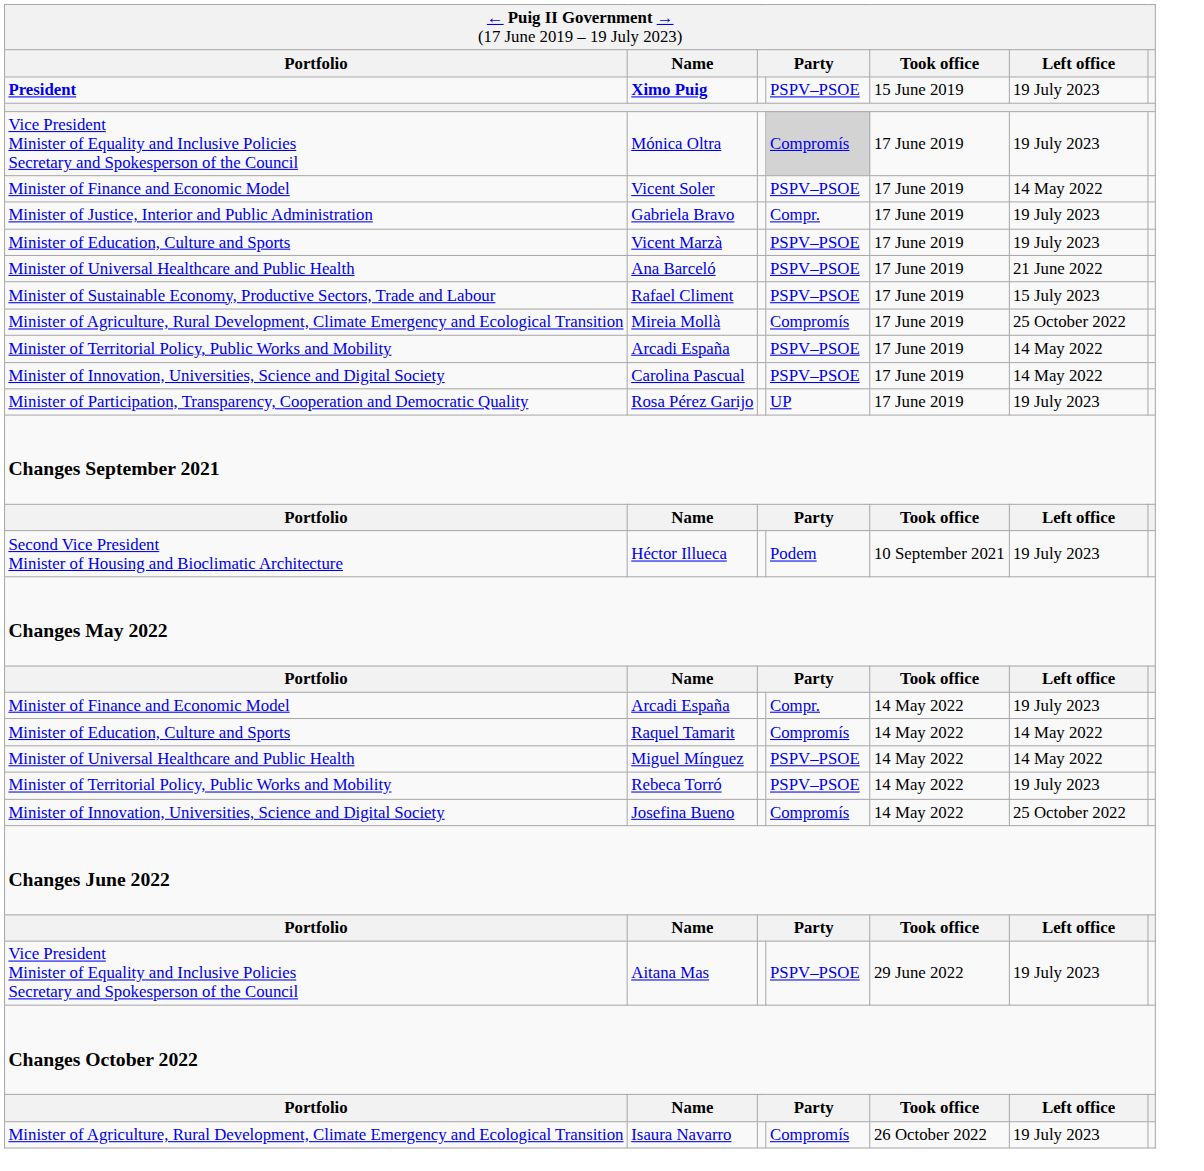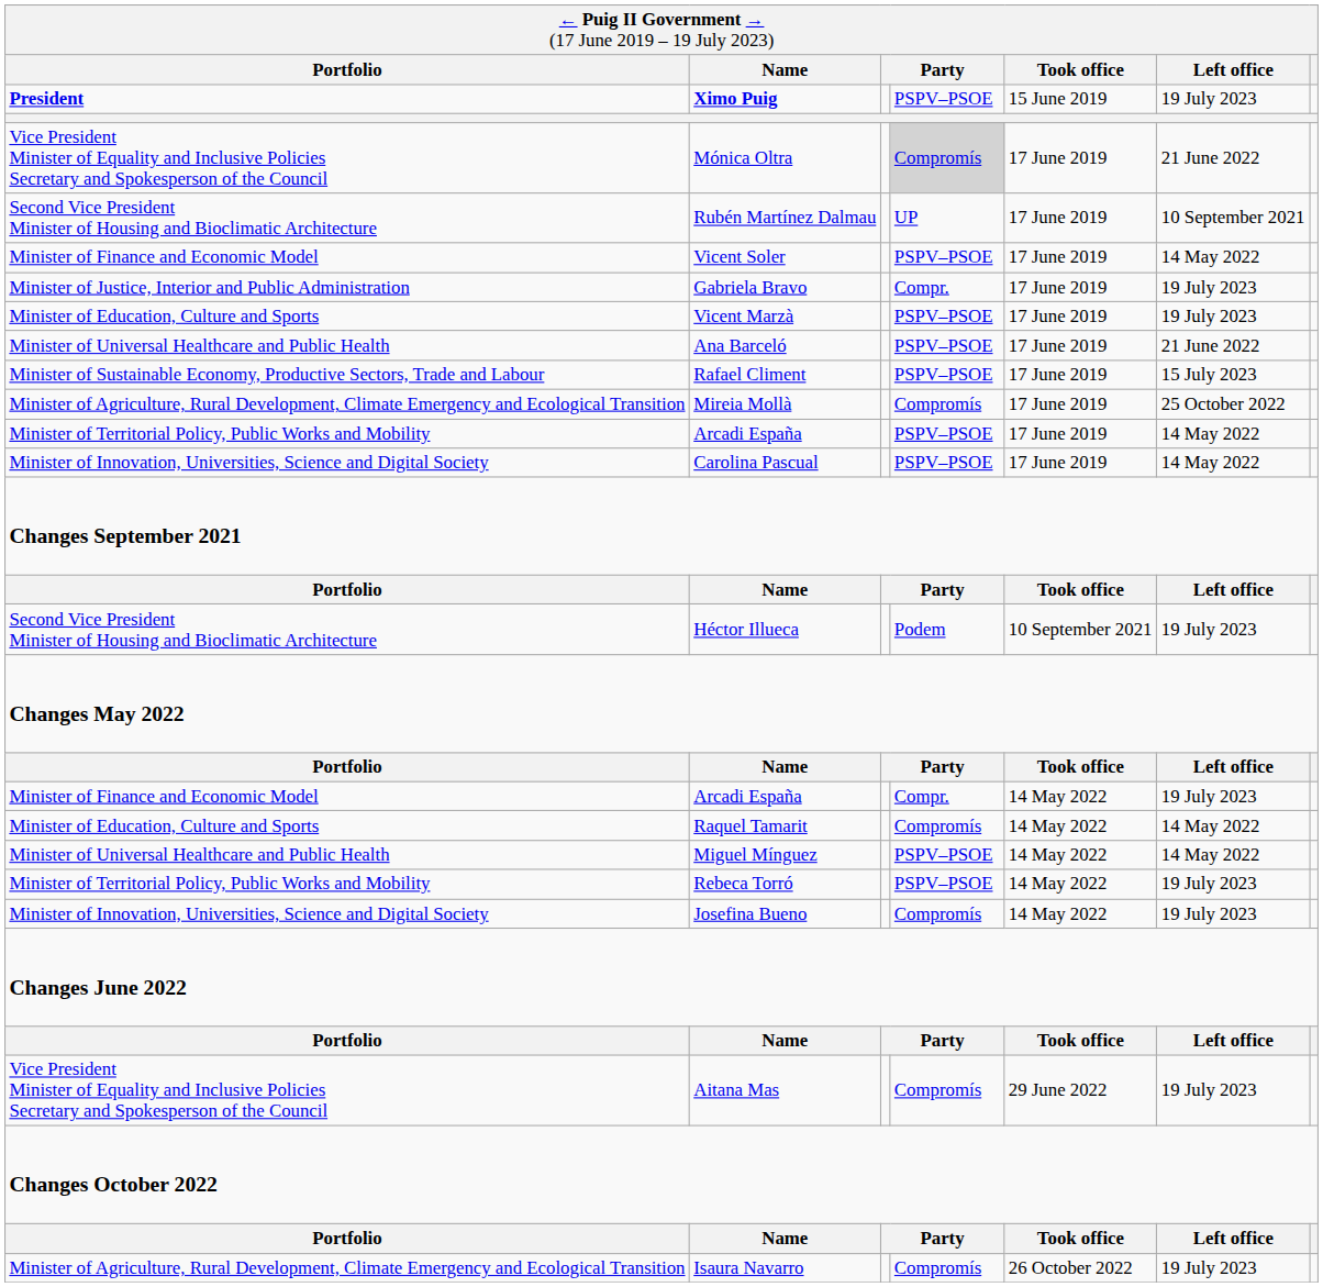 <table class="wikitable">
 <tr>
 <td colspan="7" bgcolor="#F2F2F2" align="center"><a href='#'>←</a> <strong>Puig II Government</strong> <a href='#'>→</a><br>(17 June 2019 – 19 July 2023)</td>
 </tr>
 <tr>
 <th>Portfolio</th>
 <th>Name</th>
 <th width="100px" colspan="2">Party</th>
 <th width="125px">Took office</th>
 <th width="125px">Left office</th>
 <th></th>
 </tr>
 <tr>
 <td><strong><a href='#'>President</a></strong></td>
 <td><strong><a href='#'>Ximo Puig</a></strong></td>
 <td width="1" style="background-color:"></td>
 <td><a href='#'>PSPV–PSOE</a></td>
 <td>15 June 2019</td>
 <td>19 July 2023</td>
 <td align="center"></td>
 </tr>
 <tr>
 <th colspan="7"></th>
 </tr>
 <tr>
 <td><a href='#'>Vice President</a><br><a href='#'>Minister of Equality and Inclusive Policies</a><br><a href='#'>Secretary and Spokesperson of the Council</a></td>
 <td><a href='#'>Mónica Oltra</a></td>
 <td style="background-color:"></td>
 <td style="background: lightgrey;"><a href='#'>Compromís</a> </td>
 <td>17 June 2019</td>
-<td>19 July 2023</td>
+<td>21 June 2022</td>
+<td align="center"></td>
+</tr>
+<tr>
+<td><a href='#'>Second Vice President</a><br><a href='#'>Minister of Housing and Bioclimatic Architecture</a></td>
+<td><a href='#'>Rubén Martínez Dalmau</a></td>
+<td style="background-color:"></td>
+<td><a href='#'>UP</a> </td>
+<td>17 June 2019</td>
+<td>10 September 2021</td>
 <td align="center"></td>
 </tr>
 <tr>
 <td><a href='#'>Minister of Finance and Economic Model</a></td>
 <td><a href='#'>Vicent Soler</a></td>
 <td style="background-color:"></td>
 <td><a href='#'>PSPV–PSOE</a></td>
 <td>17 June 2019</td>
 <td>14 May 2022</td>
 <td align="center"></td>
 </tr>
 <tr>
 <td><a href='#'>Minister of Justice, Interior and Public Administration</a></td>
 <td><a href='#'>Gabriela Bravo</a></td>
 <td style="background-color:"></td>
 <td><a href='#'>Compr.</a> </td>
 <td>17 June 2019</td>
 <td>19 July 2023</td>
 <td align="center"></td>
 </tr>
 <tr>
 <td><a href='#'>Minister of Education, Culture and Sports</a></td>
 <td><a href='#'>Vicent Marzà</a></td>
 <td style="background-color:"></td>
 <td><a href='#'>PSPV–PSOE</a></td>
 <td>17 June 2019</td>
 <td>19 July 2023</td>
 <td align="center"></td>
 </tr>
 <tr>
 <td><a href='#'>Minister of Universal Healthcare and Public Health</a></td>
 <td><a href='#'>Ana Barceló</a></td>
 <td style="background-color:"></td>
 <td><a href='#'>PSPV–PSOE</a></td>
 <td>17 June 2019</td>
 <td>21 June 2022</td>
 <td align="center"></td>
 </tr>
 <tr>
 <td><a href='#'>Minister of Sustainable Economy, Productive Sectors, Trade and Labour</a></td>
 <td><a href='#'>Rafael Climent</a></td>
 <td style="background-color:"></td>
 <td><a href='#'>PSPV–PSOE</a> </td>
 <td>17 June 2019</td>
 <td>15 July 2023</td>
 <td align="center"></td>
 </tr>
 <tr>
 <td><a href='#'>Minister of Agriculture, Rural Development, Climate Emergency and Ecological Transition</a></td>
 <td><a href='#'>Mireia Mollà</a></td>
 <td style="background-color:"></td>
 <td><a href='#'>Compromís</a> </td>
 <td>17 June 2019</td>
 <td>25 October 2022</td>
 <td align="center"></td>
 </tr>
 <tr>
 <td><a href='#'>Minister of Territorial Policy, Public Works and Mobility</a></td>
 <td><a href='#'>Arcadi España</a></td>
 <td style="background-color:"></td>
 <td><a href='#'>PSPV–PSOE</a></td>
 <td>17 June 2019</td>
 <td>14 May 2022</td>
 <td align="center"></td>
 </tr>
 <tr>
 <td><a href='#'>Minister of Innovation, Universities, Science and Digital Society</a></td>
 <td><a href='#'>Carolina Pascual</a></td>
 <td style="background-color:"></td>
 <td><a href='#'>PSPV–PSOE</a> </td>
 <td>17 June 2019</td>
 <td>14 May 2022</td>
 <td align="center"></td>
 </tr>
 <tr>
-<td><a href='#'>Minister of Participation, Transparency, Cooperation and Democratic Quality</a></td>
-<td><a href='#'>Rosa Pérez Garijo</a></td>
-<td style="background-color:"></td>
-<td><a href='#'>UP</a> </td>
-<td>17 June 2019</td>
-<td>19 July 2023</td>
-<td align="center"></td>
-</tr>
-<tr>
 <td colspan="7"><br><h3>Changes September 2021</h3></td>
 </tr>
 <tr>
 <th>Portfolio</th>
 <th>Name</th>
 <th colspan="2">Party</th>
 <th>Took office</th>
 <th>Left office</th>
 <th></th>
 </tr>
 <tr>
 <td><a href='#'>Second Vice President</a><br><a href='#'>Minister of Housing and Bioclimatic Architecture</a></td>
 <td><a href='#'>Héctor Illueca</a></td>
 <td style="background-color:"></td>
 <td><a href='#'>Podem</a></td>
 <td>10 September 2021</td>
 <td>19 July 2023</td>
 <td align="center"></td>
 </tr>
 <tr>
 <td colspan="7"><br><h3>Changes May 2022</h3></td>
 </tr>
 <tr>
 <th>Portfolio</th>
 <th>Name</th>
 <th colspan="2">Party</th>
 <th>Took office</th>
 <th>Left office</th>
 <th></th>
 </tr>
 <tr>
 <td><a href='#'>Minister of Finance and Economic Model</a></td>
 <td><a href='#'>Arcadi España</a></td>
 <td style="background-color:"></td>
 <td><a href='#'>Compr.</a> </td>
 <td>14 May 2022</td>
 <td>19 July 2023</td>
 <td align="center"></td>
 </tr>
 <tr>
 <td><a href='#'>Minister of Education, Culture and Sports</a></td>
 <td><a href='#'>Raquel Tamarit</a></td>
 <td style="background-color:"></td>
 <td><a href='#'>Compromís</a> </td>
 <td>14 May 2022</td>
 <td>14 May 2022</td>
 <td align="center"></td>
 </tr>
 <tr>
 <td><a href='#'>Minister of Universal Healthcare and Public Health</a></td>
 <td><a href='#'>Miguel Mínguez</a></td>
 <td style="background-color:"></td>
 <td><a href='#'>PSPV–PSOE</a> </td>
 <td>14 May 2022</td>
 <td>14 May 2022</td>
 <td align="center"></td>
 </tr>
 <tr>
 <td><a href='#'>Minister of Territorial Policy, Public Works and Mobility</a></td>
 <td><a href='#'>Rebeca Torró</a></td>
 <td style="background-color:"></td>
 <td><a href='#'>PSPV–PSOE</a></td>
 <td>14 May 2022</td>
 <td>19 July 2023</td>
 <td align="center"></td>
 </tr>
 <tr>
 <td><a href='#'>Minister of Innovation, Universities, Science and Digital Society</a></td>
 <td><a href='#'>Josefina Bueno</a></td>
 <td style="background-color:"></td>
 <td><a href='#'>Compromís</a> </td>
 <td>14 May 2022</td>
-<td>25 October 2022</td>
+<td>19 July 2023</td>
 <td align="center"></td>
 </tr>
 <tr>
 <td colspan="7"><br><h3>Changes June 2022</h3></td>
 </tr>
 <tr>
 <th>Portfolio</th>
 <th>Name</th>
 <th colspan="2">Party</th>
 <th>Took office</th>
 <th>Left office</th>
 <th></th>
 </tr>
 <tr>
 <td><a href='#'>Vice President</a><br><a href='#'>Minister of Equality and Inclusive Policies</a><br><a href='#'>Secretary and Spokesperson of the Council</a></td>
 <td><a href='#'>Aitana Mas</a></td>
 <td style="background-color:"></td>
-<td><a href='#'>PSPV–PSOE</a></td>
+<td><a href='#'>Compromís</a> </td>
 <td>29 June 2022</td>
 <td>19 July 2023</td>
 <td align="center"></td>
 </tr>
 <tr>
 <td colspan="7"><br><h3>Changes October 2022</h3></td>
 </tr>
 <tr>
 <th>Portfolio</th>
 <th>Name</th>
 <th colspan="2">Party</th>
 <th>Took office</th>
 <th>Left office</th>
 <th></th>
 </tr>
 <tr>
 <td><a href='#'>Minister of Agriculture, Rural Development, Climate Emergency and Ecological Transition</a></td>
 <td><a href='#'>Isaura Navarro</a></td>
 <td style="background-color:"></td>
 <td><a href='#'>Compromís</a> </td>
 <td>26 October 2022</td>
 <td>19 July 2023</td>
 <td align="center"></td>
 </tr>
 </table>
